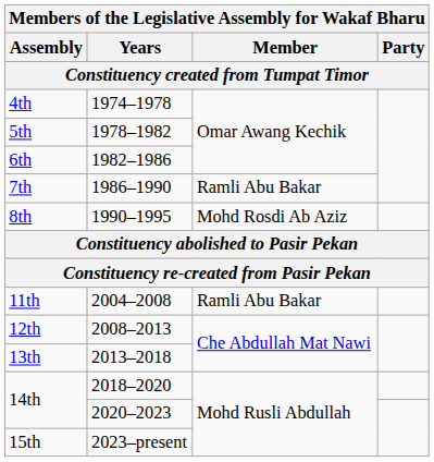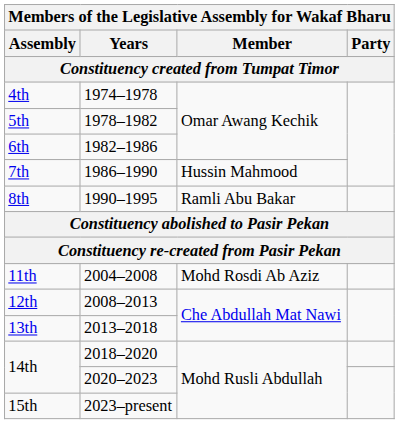 <table class=wikitable>
 <tr>
 <th colspan=4>Members of the Legislative Assembly for Wakaf Bharu</th>
 </tr>
 <tr>
 <th>Assembly</th>
 <th>Years</th>
 <th>Member</th>
 <th>Party</th>
 </tr>
 <tr>
 <th colspan=4 align=center><em>Constituency created from Tumpat Timor</em></th>
 </tr>
 <tr>
 <td><a href='#'>4th</a></td>
 <td>1974–1978</td>
 <td rowspan=3>Omar Awang Kechik</td>
 <td rowspan=4></td>
 </tr>
 <tr>
 <td><a href='#'>5th</a></td>
 <td>1978–1982</td>
 </tr>
 <tr>
 <td><a href='#'>6th</a></td>
 <td>1982–1986</td>
 </tr>
 <tr>
 <td><a href='#'>7th</a></td>
 <td>1986–1990</td>
-<td>Ramli Abu Bakar</td>
+<td>Hussin Mahmood</td>
 </tr>
 <tr>
 <td><a href='#'>8th</a></td>
 <td>1990–1995</td>
-<td>Mohd Rosdi Ab Aziz</td>
+<td>Ramli Abu Bakar</td>
 <td></td>
 </tr>
 <tr>
 <th colspan=4 align=center><em>Constituency abolished to Pasir Pekan</em></th>
 </tr>
 <tr>
 <th colspan=4 align=center><em>Constituency re-created from Pasir Pekan</em></th>
 </tr>
 <tr>
 <td><a href='#'>11th</a></td>
 <td>2004–2008</td>
-<td>Ramli Abu Bakar</td>
+<td>Mohd Rosdi Ab Aziz</td>
 <td></td>
 </tr>
 <tr>
 <td><a href='#'>12th</a></td>
 <td>2008–2013</td>
 <td rowspan=2><a href='#'>Che Abdullah Mat Nawi</a></td>
 <td rowspan="2"></td>
 </tr>
 <tr>
 <td><a href='#'>13th</a></td>
 <td>2013–2018</td>
 </tr>
 <tr>
 <td rowspan="2">14th</td>
 <td>2018–2020</td>
 <td rowspan="3">Mohd Rusli Abdullah</td>
 <td></td>
 </tr>
 <tr>
 <td>2020–2023</td>
 <td rowspan="2"></td>
 </tr>
 <tr>
 <td>15th</td>
 <td>2023–present</td>
 </tr>
 </table>
